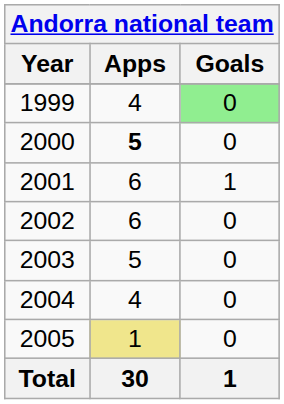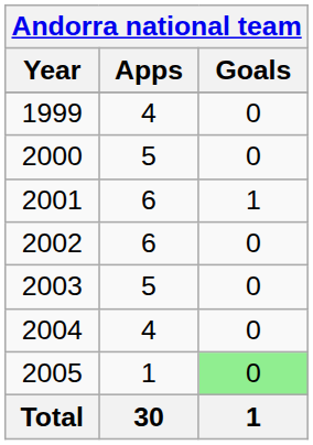 <table class="wikitable" style="text-align:center">
 <tr>
 <th colspan=3><a href='#'>Andorra national team</a></th>
 </tr>
 <tr>
 <th>Year</th>
 <th>Apps</th>
 <th>Goals</th>
 </tr>
 <tr>
 </tr>
 <tr>
 <td>1999</td>
 <td>4</td>
-<td style="background: lightgreen;">0</td>
+<td>0</td>
 </tr>
 <tr>
 <td>2000</td>
-<td><strong>5</strong></td>
+<td>5</td>
 <td>0</td>
 </tr>
 <tr>
 <td>2001</td>
 <td>6</td>
 <td>1</td>
 </tr>
 <tr>
 <td>2002</td>
 <td>6</td>
 <td>0</td>
 </tr>
 <tr>
 <td>2003</td>
 <td>5</td>
 <td>0</td>
 </tr>
 <tr>
 <td>2004</td>
 <td>4</td>
 <td>0</td>
 </tr>
 <tr>
 <td>2005</td>
-<td style="background: khaki;">1</td>
-<td>0</td>
+<td>1</td>
+<td style="background: lightgreen;">0</td>
 </tr>
 <tr>
 <th>Total</th>
 <th>30</th>
 <th>1</th>
 </tr>
 </table>
